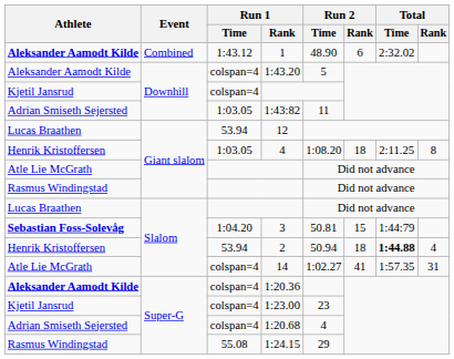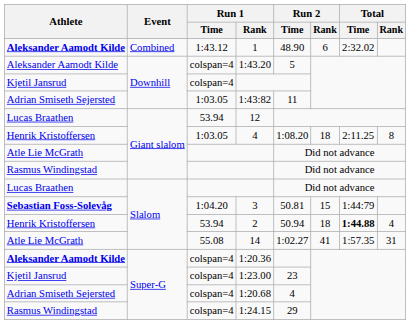 <table class=wikitable style="font-size:90%; text-align:center">
 <tr>
 <th rowspan=2>Athlete</th>
 <th rowspan=2>Event</th>
 <th colspan=2>Run 1</th>
 <th colspan=2>Run 2</th>
 <th colspan=2>Total</th>
 </tr>
 <tr style="font-size:95%">
 <th>Time</th>
 <th>Rank</th>
 <th>Time</th>
 <th>Rank</th>
 <th>Time</th>
 <th>Rank</th>
 </tr>
 <tr>
 <td align=left><strong><a href='#'>Aleksander Aamodt Kilde</a></strong></td>
 <td align=left><a href='#'>Combined</a></td>
 <td>1:43.12</td>
 <td>1</td>
 <td>48.90</td>
 <td>6</td>
 <td>2:32.02</td>
 <td></td>
 </tr>
 <tr>
 <td align=left><a href='#'>Aleksander Aamodt Kilde</a></td>
 <td align=left rowspan=3><a href='#'>Downhill</a></td>
 <td>colspan=4 </td>
 <td>1:43.20</td>
 <td>5</td>
 </tr>
 <tr>
 <td align=left><a href='#'>Kjetil Jansrud</a></td>
 <td>colspan=4 </td>
 <td colspan=2></td>
 </tr>
 <tr>
 <td align=left><a href='#'>Adrian Smiseth Sejersted</a></td>
 <td>1:03.05</td>
 <td>1:43:82</td>
 <td>11</td>
 </tr>
 <tr>
 <td align=left><a href='#'>Lucas Braathen</a></td>
 <td align=left rowspan=4><a href='#'>Giant slalom</a></td>
 <td>53.94</td>
 <td>12</td>
 <td colspan=4></td>
 </tr>
 <tr>
 <td align=left><a href='#'>Henrik Kristoffersen</a></td>
 <td>1:03.05</td>
 <td>4</td>
 <td>1:08.20</td>
 <td>18</td>
 <td>2:11.25</td>
 <td>8</td>
 </tr>
 <tr>
 <td align=left><a href='#'>Atle Lie McGrath</a></td>
 <td colspan=2></td>
 <td colspan=4>Did not advance</td>
 </tr>
 <tr>
 <td align=left><a href='#'>Rasmus Windingstad</a></td>
 <td colspan=2></td>
 <td colspan=4>Did not advance</td>
 </tr>
 <tr>
 <td align=left><a href='#'>Lucas Braathen</a></td>
 <td align=left rowspan=4><a href='#'>Slalom</a></td>
 <td colspan=2></td>
 <td colspan=4>Did not advance</td>
 </tr>
 <tr>
 <td align=left><strong><a href='#'>Sebastian Foss-Solevåg</a></strong></td>
 <td>1:04.20</td>
 <td>3</td>
 <td>50.81</td>
 <td>15</td>
 <td>1:44:79</td>
 <td></td>
 </tr>
 <tr>
 <td align=left><a href='#'>Henrik Kristoffersen</a></td>
 <td>53.94</td>
 <td>2</td>
 <td>50.94</td>
 <td>18</td>
 <td><strong>1:44.88</strong></td>
 <td>4</td>
 </tr>
 <tr>
 <td align=left><a href='#'>Atle Lie McGrath</a></td>
-<td>colspan=4 </td>
+<td>55.08</td>
 <td>14</td>
 <td>1:02.27</td>
 <td>41</td>
 <td>1:57.35</td>
 <td>31</td>
 </tr>
 <tr>
 <td align=left><strong><a href='#'>Aleksander Aamodt Kilde</a></strong></td>
 <td align=left rowspan=4><a href='#'>Super-G</a></td>
 <td>colspan=4 </td>
 <td>1:20.36</td>
 <td></td>
 </tr>
 <tr>
 <td align=left><a href='#'>Kjetil Jansrud</a></td>
 <td>colspan=4 </td>
 <td>1:23.00</td>
 <td>23</td>
 </tr>
 <tr>
 <td align=left><a href='#'>Adrian Smiseth Sejersted</a></td>
 <td>colspan=4 </td>
 <td>1:20.68</td>
 <td>4</td>
 </tr>
 <tr>
 <td align=left><a href='#'>Rasmus Windingstad</a></td>
-<td>55.08</td>
+<td>colspan=4 </td>
 <td>1:24.15</td>
 <td>29</td>
 </tr>
 </table>
